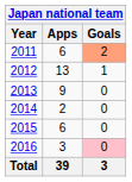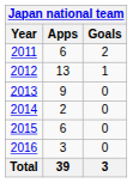 <table class="wikitable" style="text-align:center">
 <tr>
 <th colspan=3><a href='#'>Japan national team</a></th>
 </tr>
 <tr>
 <th>Year</th>
 <th>Apps</th>
 <th>Goals</th>
 </tr>
 <tr>
 <td><a href='#'>2011</a></td>
 <td>6</td>
-<td style="background: lightsalmon;">2</td>
+<td>2</td>
 </tr>
 <tr>
 <td><a href='#'>2012</a></td>
 <td>13</td>
 <td>1</td>
 </tr>
 <tr>
 <td><a href='#'>2013</a></td>
 <td>9</td>
 <td>0</td>
 </tr>
 <tr>
 <td><a href='#'>2014</a></td>
 <td>2</td>
 <td>0</td>
 </tr>
 <tr>
 <td><a href='#'>2015</a></td>
 <td>6</td>
 <td>0</td>
 </tr>
 <tr>
 <td><a href='#'>2016</a></td>
 <td>3</td>
-<td style="background: pink;">0</td>
+<td>0</td>
 </tr>
 <tr>
 <th>Total</th>
 <th>39</th>
 <th>3</th>
 </tr>
 </table>
